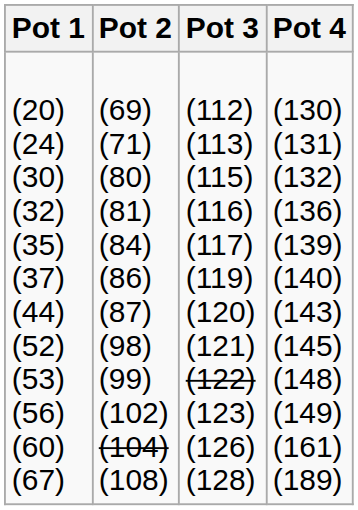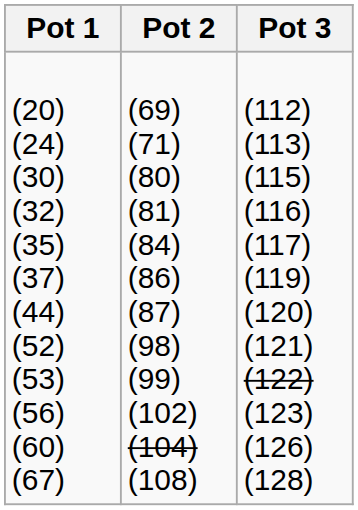 <table class="wikitable">
 <tr>
 <th width=25%>Pot 1</th>
 <th width=25%>Pot 2</th>
 <th width=25%>Pot 3</th>
-<th width=25%>Pot 4</th>
 </tr>
 <tr>
 <td><br><strong></strong> (20)<br> <strong></strong> (24)<br> <strong></strong> (30)<br> <strong></strong> (32)<br> <strong></strong> (35)<br> <strong></strong> (37)<br> <strong></strong> (44)<br> <strong></strong> (52)<br> <strong></strong> (53)<br> <strong></strong> (56)<br> <strong></strong> (60)<br> <strong></strong> (67)</td>
 <td><br><strong></strong> (69)<br> <strong></strong> (71)<br> <strong></strong> (80)<br>  (81)<br>  (84)<br>  (86)<br> <strong></strong> (87)<br>  (98)<br> <strong></strong> (99)<br>  (102)<br> <s> (104)</s><br>  (108)</td>
 <td><br><strong></strong> (112)<br> <strong></strong> (113)<br> <strong></strong> (115)<br>  (116)<br>  (117)<br> <strong></strong> (119)<br>  (120)<br>  (121)<br> <s> (122)</s><br> <strong></strong> (123)<br> <strong></strong> (126)<br>  (128)</td>
-<td><br><strong></strong> (130)<br>  (131)<br>  (132)<br>  (136)<br>  (139)<br>  (140)<br>  (143)<br>  (145)<br>  (148)<br>  (149)<br>  (161)<br>  (189)</td>
 </tr>
 </table>
